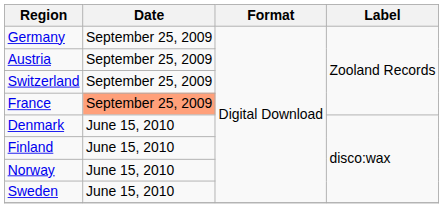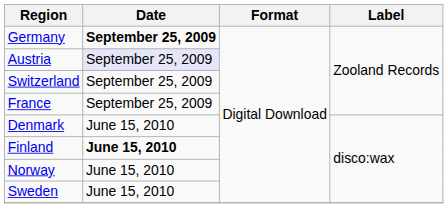 <table class=wikitable>
 <tr>
 <th>Region</th>
 <th>Date</th>
 <th>Format</th>
 <th>Label</th>
 </tr>
 <tr>
 <td><a href='#'>Germany</a></td>
-<td>September 25, 2009</td>
+<td><strong>September 25, 2009</strong></td>
 <td rowspan="8">Digital Download</td>
 <td rowspan="4">Zooland Records</td>
 </tr>
 <tr>
 <td><a href='#'>Austria</a></td>
-<td>September 25, 2009</td>
+<td style="background: lavender;">September 25, 2009</td>
 </tr>
 <tr>
 <td><a href='#'>Switzerland</a></td>
 <td>September 25, 2009</td>
 </tr>
 <tr>
 <td><a href='#'>France</a></td>
-<td style="background: lightsalmon;">September 25, 2009</td>
+<td>September 25, 2009</td>
 </tr>
 <tr>
 <td><a href='#'>Denmark</a></td>
 <td>June 15, 2010</td>
 <td rowspan="4">disco:wax</td>
 </tr>
 <tr>
 <td><a href='#'>Finland</a></td>
-<td>June 15, 2010</td>
+<td><strong>June 15, 2010</strong></td>
 </tr>
 <tr>
 <td><a href='#'>Norway</a></td>
 <td>June 15, 2010</td>
 </tr>
 <tr>
 <td><a href='#'>Sweden</a></td>
 <td>June 15, 2010</td>
 </tr>
 <tr>
 </tr>
 </table>
